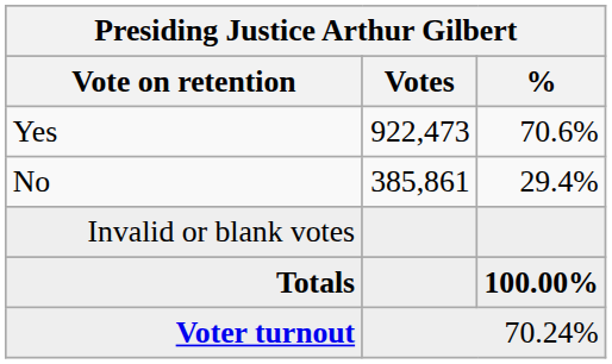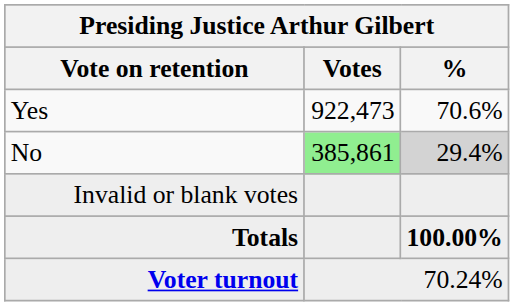 <table class="wikitable" style="font-size: 95%;">
 <tr style="background-color:#E9E9E9">
 <th colspan=7>Presiding Justice Arthur Gilbert</th>
 </tr>
 <tr style="background-color:#E9E9E9">
 <th style="width: 170px">Vote on retention</th>
 <th style="width: 50px">Votes</th>
 <th style="width: 40px">%</th>
 </tr>
 <tr>
 <td>Yes</td>
 <td align="right">922,473</td>
 <td align="right">70.6%</td>
 </tr>
 <tr>
 <td>No</td>
-<td align="right">385,861</td>
-<td align="right">29.4%</td>
+<td align="right" style="background: lightgreen;">385,861</td>
+<td align="right" style="background: lightgrey;">29.4%</td>
 </tr>
 <tr bgcolor="#EEEEEE">
 <td align="right">Invalid or blank votes</td>
 <td align="right"></td>
 <td align="right"></td>
 </tr>
 <tr bgcolor="#EEEEEE">
 <td align="right"><strong>Totals</strong></td>
 <td align="right"><strong></strong></td>
 <td align="right"><strong>100.00%</strong></td>
 </tr>
 <tr bgcolor="#EEEEEE">
 <td align="right"><strong><a href='#'>Voter turnout</a></strong></td>
 <td colspan="2" align="right">70.24%</td>
 </tr>
 </table>
